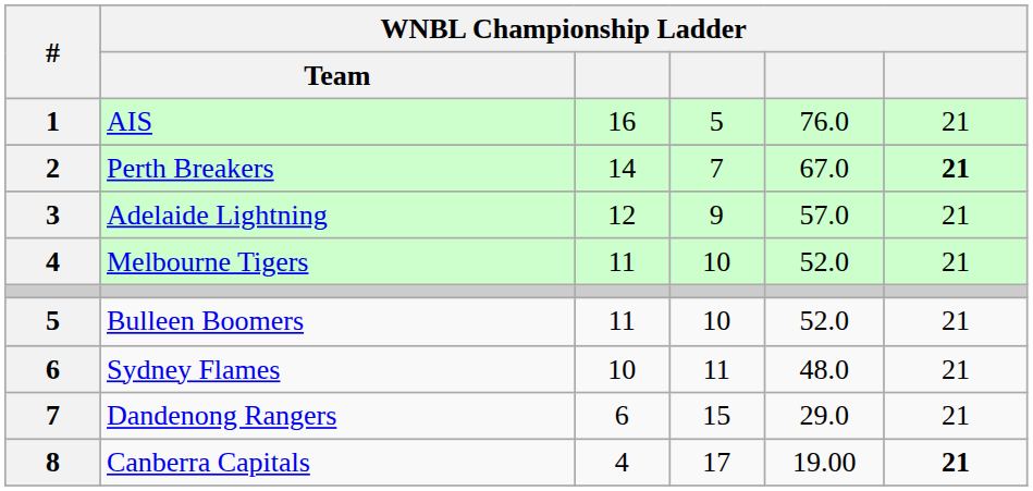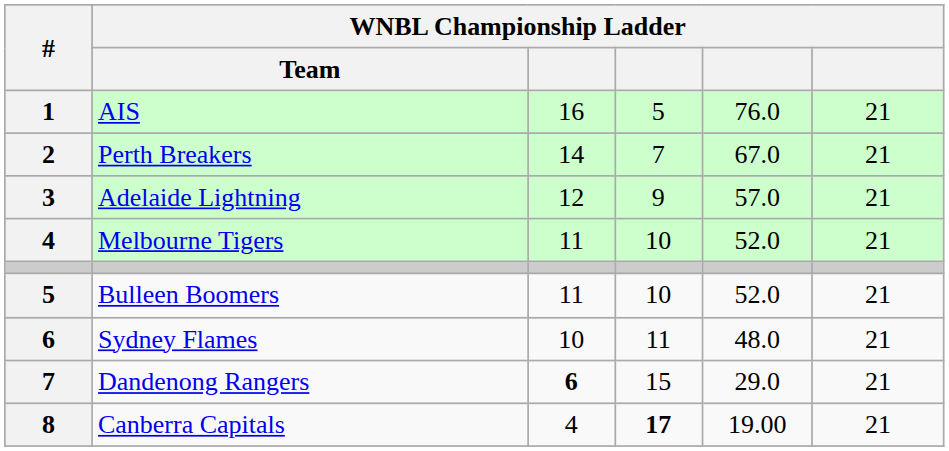 <table class="wikitable" width="43.5%" style="font-size:95%; text-align:center">
 <tr>
 <th width="5%" rowspan=2>#</th>
 <th colspan="6" align="center"><strong>WNBL Championship Ladder</strong></th>
 </tr>
 <tr>
 <th width="25%">Team</th>
 <th width="5%"></th>
 <th width="5%"></th>
 <th width="5%"></th>
 <th width="7.5%"></th>
 </tr>
 <tr style="background-color:#CCFFCC">
 <th>1</th>
 <td style="text-align:left;"><a href='#'>AIS</a></td>
 <td>16</td>
 <td>5</td>
 <td>76.0</td>
 <td>21</td>
 </tr>
 <tr style="background-color:#CCFFCC">
 <th>2</th>
 <td style="text-align:left;"><a href='#'>Perth Breakers</a></td>
 <td>14</td>
 <td>7</td>
 <td>67.0</td>
-<td><strong>21</strong></td>
+<td>21</td>
 </tr>
 <tr style="background-color:#CCFFCC">
 <th>3</th>
 <td style="text-align:left;"><a href='#'>Adelaide Lightning</a></td>
 <td>12</td>
 <td>9</td>
 <td>57.0</td>
 <td>21</td>
 </tr>
 <tr style="background-color:#CCFFCC">
 <th>4</th>
 <td style="text-align:left;"><a href='#'>Melbourne Tigers</a></td>
 <td>11</td>
 <td>10</td>
 <td>52.0</td>
 <td>21</td>
 </tr>
 <tr style="background-color:#cccccc;">
 <td></td>
 <td></td>
 <td></td>
 <td></td>
 <td></td>
 <td></td>
 </tr>
 <tr>
 <th>5</th>
 <td style="text-align:left;"><a href='#'>Bulleen Boomers</a></td>
 <td>11</td>
 <td>10</td>
 <td>52.0</td>
 <td>21</td>
 </tr>
 <tr>
 <th>6</th>
 <td style="text-align:left;"><a href='#'>Sydney Flames</a></td>
 <td>10</td>
 <td>11</td>
 <td>48.0</td>
 <td>21</td>
 </tr>
 <tr>
 <th>7</th>
 <td style="text-align:left;"><a href='#'>Dandenong Rangers</a></td>
-<td>6</td>
+<td><strong>6</strong></td>
 <td>15</td>
 <td>29.0</td>
 <td>21</td>
 </tr>
 <tr>
 <th>8</th>
 <td style="text-align:left;"><a href='#'>Canberra Capitals</a></td>
 <td>4</td>
-<td>17</td>
+<td><strong>17</strong></td>
 <td>19.00</td>
-<td><strong>21</strong></td>
+<td>21</td>
 </tr>
 </table>
